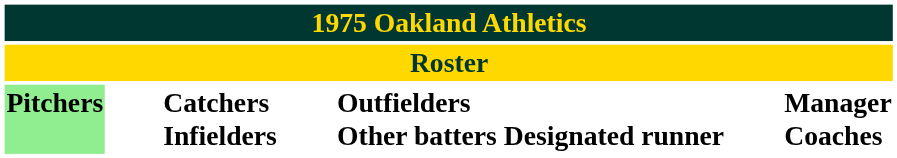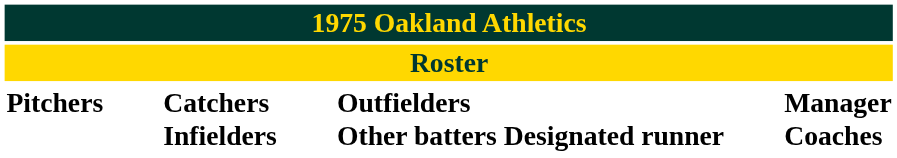 <table class="toccolours" style="font-size: 95%;">
 <tr>
 <th colspan="10" style="background-color: #003831; color: #FFD800; text-align: center;">1975 Oakland Athletics</th>
 </tr>
 <tr>
 <td colspan="10" style="background-color: #FFD800; color: #003831; text-align: center;"><strong>Roster</strong></td>
 </tr>
 <tr>
-<td valign="top" style="background: lightgreen;"><strong>Pitchers</strong><br>             </td>
+<td valign="top"><strong>Pitchers</strong><br>             </td>
 <td width="25px"></td>
 <td valign="top"><strong>Catchers</strong><br>   <strong>Infielders</strong>               </td>
 <td width="25px"></td>
 <td valign="top"><strong>Outfielders</strong><br>        <strong>Other batters</strong>  <strong>Designated runner</strong> </td>
 <td width="25px"></td>
 <td valign="top"><strong>Manager</strong><br> <strong>Coaches</strong>    </td>
 </tr>
 </table>
